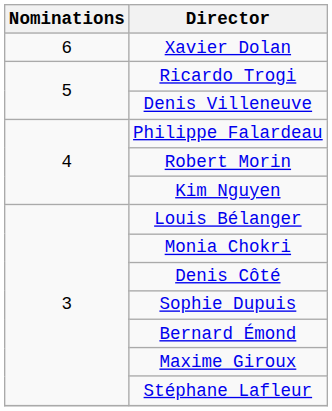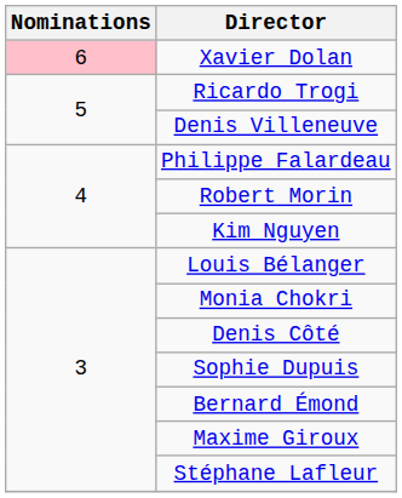 <table class="wikitable" style="text-align:center;">
 <tr>
 <th scope="col" width="10">Nominations</th>
 <th scope="col" align="center">Director</th>
 </tr>
 <tr>
-<td rowspan="1" style="text-align:center;">6</td>
+<td rowspan="1" style="background: pink; text-align:center;">6</td>
 <td><a href='#'>Xavier Dolan</a></td>
 </tr>
 <tr>
 <td rowspan="2" style="text-align:center;">5</td>
 <td><a href='#'>Ricardo Trogi</a></td>
 </tr>
 <tr>
 <td><a href='#'>Denis Villeneuve</a></td>
 </tr>
 <tr>
 <td rowspan="3" style="text-align:center;">4</td>
 <td><a href='#'>Philippe Falardeau</a></td>
 </tr>
 <tr>
 <td><a href='#'>Robert Morin</a></td>
 </tr>
 <tr>
 <td><a href='#'>Kim Nguyen</a></td>
 </tr>
 <tr>
 <td rowspan="7" style="text-align:center;">3</td>
 <td><a href='#'>Louis Bélanger</a></td>
 </tr>
 <tr>
 <td><a href='#'>Monia Chokri</a></td>
 </tr>
 <tr>
 <td><a href='#'>Denis Côté</a></td>
 </tr>
 <tr>
 <td><a href='#'>Sophie Dupuis</a></td>
 </tr>
 <tr>
 <td><a href='#'>Bernard Émond</a></td>
 </tr>
 <tr>
 <td><a href='#'>Maxime Giroux</a></td>
 </tr>
 <tr>
 <td><a href='#'>Stéphane Lafleur</a></td>
 </tr>
 <tr>
 </tr>
 </table>
